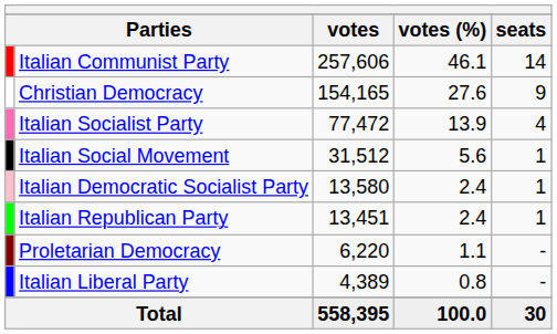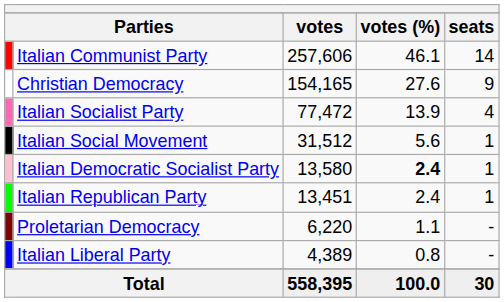 <table class="wikitable" style="font-size:95%">
 <tr>
 <th colspan=5></th>
 </tr>
 <tr>
 </tr>
 <tr bgcolor="EFEFEF">
 <th colspan=2>Parties</th>
 <th>votes</th>
 <th>votes (%)</th>
 <th>seats</th>
 </tr>
 <tr>
 <td bgcolor=red></td>
 <td><a href='#'>Italian Communist Party</a></td>
 <td align=right>257,606</td>
 <td align=right>46.1</td>
 <td align=right>14</td>
 </tr>
 <tr>
 <td bgcolor=white></td>
 <td><a href='#'>Christian Democracy</a></td>
 <td align=right>154,165</td>
 <td align=right>27.6</td>
 <td align=right>9</td>
 </tr>
 <tr>
 <td bgcolor=hotpink></td>
 <td><a href='#'>Italian Socialist Party</a></td>
 <td align=right>77,472</td>
 <td align=right>13.9</td>
 <td align=right>4</td>
 </tr>
 <tr>
 <td bgcolor=black></td>
 <td><a href='#'>Italian Social Movement</a></td>
 <td align=right>31,512</td>
 <td align=right>5.6</td>
 <td align=right>1</td>
 </tr>
 <tr>
 <td bgcolor=pink></td>
 <td><a href='#'>Italian Democratic Socialist Party</a></td>
 <td align=right>13,580</td>
-<td align=right>2.4</td>
+<td align=right><strong>2.4</strong></td>
 <td align=right>1</td>
 </tr>
 <tr>
 <td bgcolor=lime></td>
 <td><a href='#'>Italian Republican Party</a></td>
 <td align=right>13,451</td>
 <td align=right>2.4</td>
 <td align=right>1</td>
 </tr>
 <tr>
 <td bgcolor=Maroon></td>
 <td><a href='#'>Proletarian Democracy</a></td>
 <td align=right>6,220</td>
 <td align=right>1.1</td>
 <td align=right>-</td>
 </tr>
 <tr>
 <td bgcolor=Blue></td>
 <td><a href='#'>Italian Liberal Party</a></td>
 <td align=right>4,389</td>
 <td align=right>0.8</td>
 <td align=right>-</td>
 </tr>
 <tr>
 </tr>
 <tr bgcolor="EFEFEF">
 <th colspan=2><strong>Total</strong></th>
 <td align=right><strong>558,395</strong></td>
 <td align=right><strong>100.0</strong></td>
 <td align=right><strong>30</strong></td>
 </tr>
 </table>
